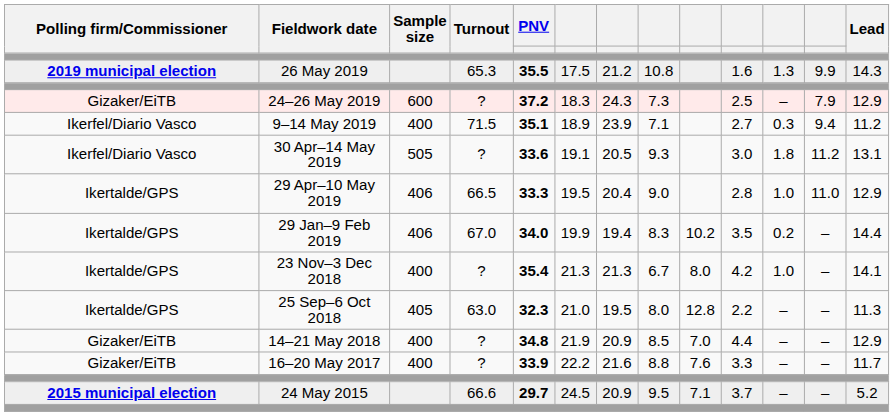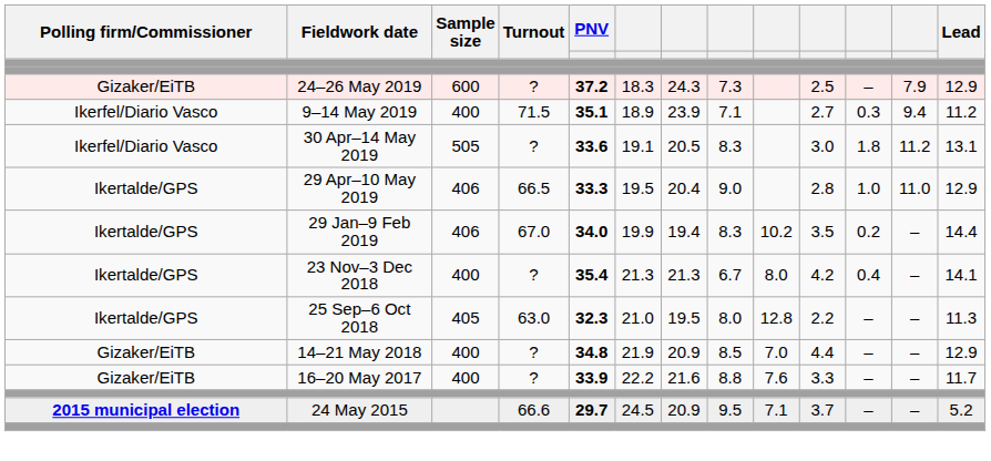 <table class="wikitable collapsible collapsed" style="text-align:center; font-size:95%; line-height:16px;">
 <tr style="height:42px;">
 <th style="width:250px;" rowspan="2">Polling firm/Commissioner</th>
 <th style="width:125px;" rowspan="2">Fieldwork date</th>
 <th style="width:50px;" rowspan="2">Sample size</th>
 <th style="width:45px;" rowspan="2">Turnout</th>
 <th style="width:35px;"><a href='#'>PNV</a></th>
 <th style="width:35px;"></th>
 <th style="width:35px;"></th>
 <th style="width:35px;"></th>
 <th style="width:35px;"></th>
 <th style="width:35px;"></th>
 <th style="width:35px;"></th>
 <th style="width:35px;"></th>
 <th style="width:30px;" rowspan="2">Lead</th>
 </tr>
 <tr>
 <th style="color:inherit;background:"></th>
 <th style="color:inherit;background:"></th>
 <th style="color:inherit;background:"></th>
 <th style="color:inherit;background:"></th>
 <th style="color:inherit;background:"></th>
 <th style="color:inherit;background:"></th>
 <th style="color:inherit;background:"></th>
 <th style="color:inherit;background:"></th>
 </tr>
 <tr>
 <td colspan="13" style="background:#A0A0A0"></td>
-</tr>
-<tr style="background:#EFEFEF;">
-<td><strong><a href='#'>2019 municipal election</a></strong></td>
-<td>26 May 2019</td>
-<td></td>
-<td>65.3</td>
-<td><strong>35.5</strong><br></td>
-<td>17.5<br></td>
-<td>21.2<br></td>
-<td>10.8<br></td>
-<td></td>
-<td>1.6<br></td>
-<td>1.3<br></td>
-<td>9.9<br></td>
-<td style="background:">14.3</td>
 </tr>
 <tr>
 <td colspan="13" style="background:#A0A0A0"></td>
 </tr>
 <tr style="background:#FFEAEA;">
 <td>Gizaker/EiTB</td>
 <td>24–26 May 2019</td>
 <td>600</td>
 <td>?</td>
 <td><strong>37.2</strong><br></td>
 <td>18.3<br></td>
 <td>24.3<br></td>
 <td>7.3<br></td>
 <td></td>
 <td>2.5<br></td>
 <td>–</td>
 <td>7.9<br></td>
 <td style="background:">12.9</td>
 </tr>
 <tr>
 <td>Ikerfel/Diario Vasco</td>
 <td>9–14 May 2019</td>
 <td>400</td>
 <td>71.5</td>
 <td><strong>35.1</strong><br></td>
 <td>18.9<br></td>
 <td>23.9<br></td>
 <td>7.1<br></td>
 <td></td>
 <td>2.7<br></td>
 <td>0.3<br></td>
 <td>9.4<br></td>
 <td style="background:">11.2</td>
 </tr>
 <tr>
 <td>Ikerfel/Diario Vasco</td>
 <td>30 Apr–14 May 2019</td>
 <td>505</td>
 <td>?</td>
 <td><strong>33.6</strong><br></td>
 <td>19.1<br></td>
 <td>20.5<br></td>
-<td>9.3<br></td>
+<td>8.3<br></td>
 <td></td>
 <td>3.0<br></td>
 <td>1.8<br></td>
 <td>11.2<br></td>
 <td style="background:">13.1</td>
 </tr>
 <tr>
 <td>Ikertalde/GPS</td>
 <td>29 Apr–10 May 2019</td>
 <td>406</td>
 <td>66.5</td>
 <td><strong>33.3</strong><br></td>
 <td>19.5<br></td>
 <td>20.4<br></td>
 <td>9.0<br></td>
 <td></td>
 <td>2.8<br></td>
 <td>1.0<br></td>
 <td>11.0<br></td>
 <td style="background:">12.9</td>
 </tr>
 <tr>
 <td>Ikertalde/GPS</td>
 <td>29 Jan–9 Feb 2019</td>
 <td>406</td>
 <td>67.0</td>
 <td><strong>34.0</strong><br></td>
 <td>19.9<br></td>
 <td>19.4<br></td>
 <td>8.3<br></td>
 <td>10.2<br></td>
 <td>3.5<br></td>
 <td>0.2<br></td>
 <td>–</td>
 <td style="background:">14.4</td>
 </tr>
 <tr>
 <td>Ikertalde/GPS</td>
 <td>23 Nov–3 Dec 2018</td>
 <td>400</td>
 <td>?</td>
 <td><strong>35.4</strong><br></td>
 <td>21.3<br></td>
 <td>21.3<br></td>
 <td>6.7<br></td>
 <td>8.0<br></td>
 <td>4.2<br></td>
-<td>1.0<br></td>
+<td>0.4<br></td>
 <td>–</td>
 <td style="background:">14.1</td>
 </tr>
 <tr>
 <td>Ikertalde/GPS</td>
 <td>25 Sep–6 Oct 2018</td>
 <td>405</td>
 <td>63.0</td>
 <td><strong>32.3</strong><br></td>
 <td>21.0<br></td>
 <td>19.5<br></td>
 <td>8.0<br></td>
 <td>12.8<br></td>
 <td>2.2<br></td>
 <td>–</td>
 <td>–</td>
 <td style="background:">11.3</td>
 </tr>
 <tr>
 <td>Gizaker/EiTB</td>
 <td>14–21 May 2018</td>
 <td>400</td>
 <td>?</td>
 <td><strong>34.8</strong><br></td>
 <td>21.9<br></td>
 <td>20.9<br></td>
 <td>8.5<br></td>
 <td>7.0<br></td>
 <td>4.4<br></td>
 <td>–</td>
 <td>–</td>
 <td style="background:">12.9</td>
 </tr>
 <tr>
 <td>Gizaker/EiTB</td>
 <td>16–20 May 2017</td>
 <td>400</td>
 <td>?</td>
 <td><strong>33.9</strong><br></td>
 <td>22.2<br></td>
 <td>21.6<br></td>
 <td>8.8<br></td>
 <td>7.6<br></td>
 <td>3.3<br></td>
 <td>–</td>
 <td>–</td>
 <td style="background:">11.7</td>
 </tr>
 <tr>
 <td colspan="13" style="background:#A0A0A0"></td>
 </tr>
 <tr style="background:#EFEFEF;">
 <td><strong><a href='#'>2015 municipal election</a></strong></td>
 <td>24 May 2015</td>
 <td></td>
 <td>66.6</td>
 <td><strong>29.7</strong><br></td>
 <td>24.5<br></td>
 <td>20.9<br></td>
 <td>9.5<br></td>
 <td>7.1<br></td>
 <td>3.7<br></td>
 <td>–</td>
 <td>–</td>
 <td style="background:">5.2</td>
 </tr>
 <tr>
 <td colspan="13" style="background:#A0A0A0"></td>
 </tr>
 </table>
